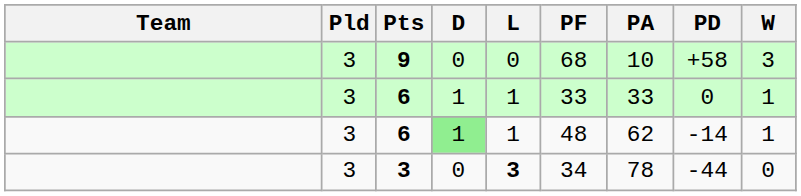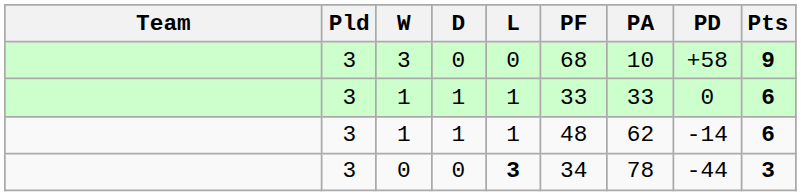 <table class="wikitable" style="text-align:center;">
 <tr>
 <th width=175>Team</th>
 <th width=25 abbr="Played">Pld</th>
-<th width=25 abbr="Points">Pts</th>
+<th width=25 abbr="Won">W</th>
 <th width=25 abbr="Drawn">D</th>
 <th width=25 abbr="Lost">L</th>
 <th width=32 abbr="Points for">PF</th>
 <th width=32 abbr="Points against">PA</th>
 <th width=32 abbr="Points difference">PD</th>
-<th width=25 abbr="Won">W</th>
+<th width=25 abbr="Points">Pts</th>
 </tr>
 <tr bgcolor="#ccffcc">
 <td align=left></td>
 <td>3</td>
-<td><strong>9</strong></td>
+<td>3</td>
 <td>0</td>
 <td>0</td>
 <td>68</td>
 <td>10</td>
 <td>+58</td>
-<td>3</td>
+<td><strong>9</strong></td>
 </tr>
 <tr bgcolor="#ccffcc">
 <td align=left></td>
 <td>3</td>
-<td><strong>6</strong></td>
+<td>1</td>
 <td>1</td>
 <td>1</td>
 <td>33</td>
 <td>33</td>
 <td>0</td>
-<td>1</td>
+<td><strong>6</strong></td>
 </tr>
 <tr>
 <td align=left></td>
 <td>3</td>
-<td><strong>6</strong></td>
-<td style="background: lightgreen;">1</td>
+<td>1</td>
+<td>1</td>
 <td>1</td>
 <td>48</td>
 <td>62</td>
 <td>-14</td>
-<td>1</td>
+<td><strong>6</strong></td>
 </tr>
 <tr>
 <td align=left></td>
 <td>3</td>
-<td><strong>3</strong></td>
+<td>0</td>
 <td>0</td>
 <td><strong>3</strong></td>
 <td>34</td>
 <td>78</td>
 <td>-44</td>
-<td>0</td>
+<td><strong>3</strong></td>
 </tr>
 </table>
